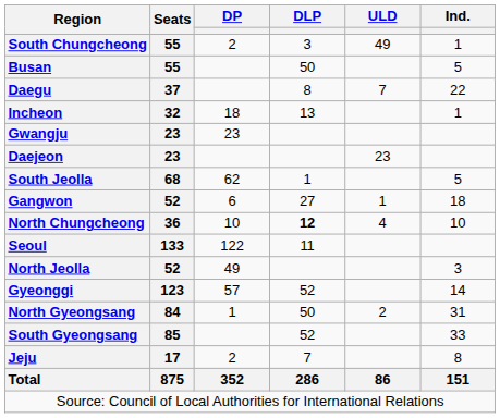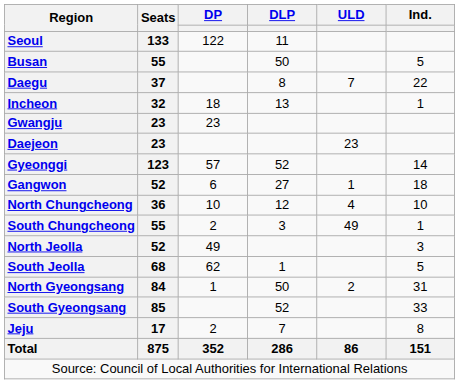 <table class="wikitable" style="text-align:center; font-size: 0.9em;">
 <tr>
 <th rowspan="2">Region</th>
 <th rowspan="2">Seats</th>
 <th class="unsortable" style="width:70px;"><a href='#'>DP</a></th>
 <th class="unsortable" style="width:70px;"><a href='#'>DLP</a></th>
 <th class="unsortable" style="width:70px;"><a href='#'>ULD</a></th>
 <th class="unsortable" style="width:70px;">Ind.</th>
 </tr>
 <tr>
 <th style="background:"></th>
 <th style="background:"></th>
 <th style="background:"></th>
 <th style="background:"></th>
 </tr>
 <tr>
-<th style="text-align: left;"><a href='#'>South Chungcheong</a></th>
-<th>55</th>
-<td>2</td>
-<td>3</td>
-<td>49</td>
-<td>1</td>
+<th style="text-align: left;"><a href='#'>Seoul</a></th>
+<th>133</th>
+<td>122</td>
+<td>11</td>
+<td></td>
+<td></td>
 </tr>
 <tr>
 <th style="text-align: left;"><a href='#'>Busan</a></th>
 <th>55</th>
 <td></td>
 <td>50</td>
 <td></td>
 <td>5</td>
 </tr>
 <tr>
 <th style="text-align: left;"><a href='#'>Daegu</a></th>
 <th>37</th>
 <td></td>
 <td>8</td>
 <td>7</td>
 <td>22</td>
 </tr>
 <tr>
 <th style="text-align: left;"><a href='#'>Incheon</a></th>
 <th>32</th>
 <td>18</td>
 <td>13</td>
 <td></td>
 <td>1</td>
 </tr>
 <tr>
 <th style="text-align: left;"><a href='#'>Gwangju</a></th>
 <th>23</th>
 <td>23</td>
 <td></td>
 <td></td>
 <td></td>
 </tr>
 <tr>
 <th style="text-align: left;"><a href='#'>Daejeon</a></th>
 <th>23</th>
 <td></td>
 <td></td>
 <td>23</td>
 <td></td>
 </tr>
 <tr>
-<th style="text-align: left;"><a href='#'>South Jeolla</a></th>
-<th>68</th>
-<td>62</td>
-<td>1</td>
+<th style="text-align: left;"><a href='#'>Gyeonggi</a></th>
+<th>123</th>
+<td>57</td>
+<td>52</td>
 <td></td>
-<td>5</td>
+<td>14</td>
 </tr>
 <tr>
 <th style="text-align: left;"><a href='#'>Gangwon</a></th>
 <th>52</th>
 <td>6</td>
 <td>27</td>
 <td>1</td>
 <td>18</td>
 </tr>
 <tr>
 <th style="text-align: left;"><a href='#'>North Chungcheong</a></th>
 <th>36</th>
 <td>10</td>
-<td><strong>12</strong></td>
+<td>12</td>
 <td>4</td>
 <td>10</td>
 </tr>
 <tr>
-<th style="text-align: left;"><a href='#'>Seoul</a></th>
-<th>133</th>
-<td>122</td>
-<td>11</td>
-<td></td>
-<td></td>
+<th style="text-align: left;"><a href='#'>South Chungcheong</a></th>
+<th>55</th>
+<td>2</td>
+<td>3</td>
+<td>49</td>
+<td>1</td>
 </tr>
 <tr>
 <th style="text-align: left;"><a href='#'>North Jeolla</a></th>
 <th>52</th>
 <td>49</td>
 <td></td>
 <td></td>
 <td>3</td>
 </tr>
 <tr>
-<th style="text-align: left;"><a href='#'>Gyeonggi</a></th>
-<th>123</th>
-<td>57</td>
-<td>52</td>
+<th style="text-align: left;"><a href='#'>South Jeolla</a></th>
+<th>68</th>
+<td>62</td>
+<td>1</td>
 <td></td>
-<td>14</td>
+<td>5</td>
 </tr>
 <tr>
 <th style="text-align: left;"><a href='#'>North Gyeongsang</a></th>
 <th>84</th>
 <td>1</td>
 <td>50</td>
 <td>2</td>
 <td>31</td>
 </tr>
 <tr>
 <th style="text-align: left;"><a href='#'>South Gyeongsang</a></th>
 <th>85</th>
 <td></td>
 <td>52</td>
 <td></td>
 <td>33</td>
 </tr>
 <tr>
 <th style="text-align: left;"><a href='#'>Jeju</a></th>
 <th>17</th>
 <td>2</td>
 <td>7</td>
 <td></td>
 <td>8</td>
 </tr>
 <tr class="sortbottom">
 <th style="text-align: left;">Total</th>
 <th>875</th>
 <th>352</th>
 <th>286</th>
 <th>86</th>
 <th>151</th>
 </tr>
 <tr>
 <td colspan="6">Source: Council of Local Authorities for International Relations</td>
 </tr>
 </table>
